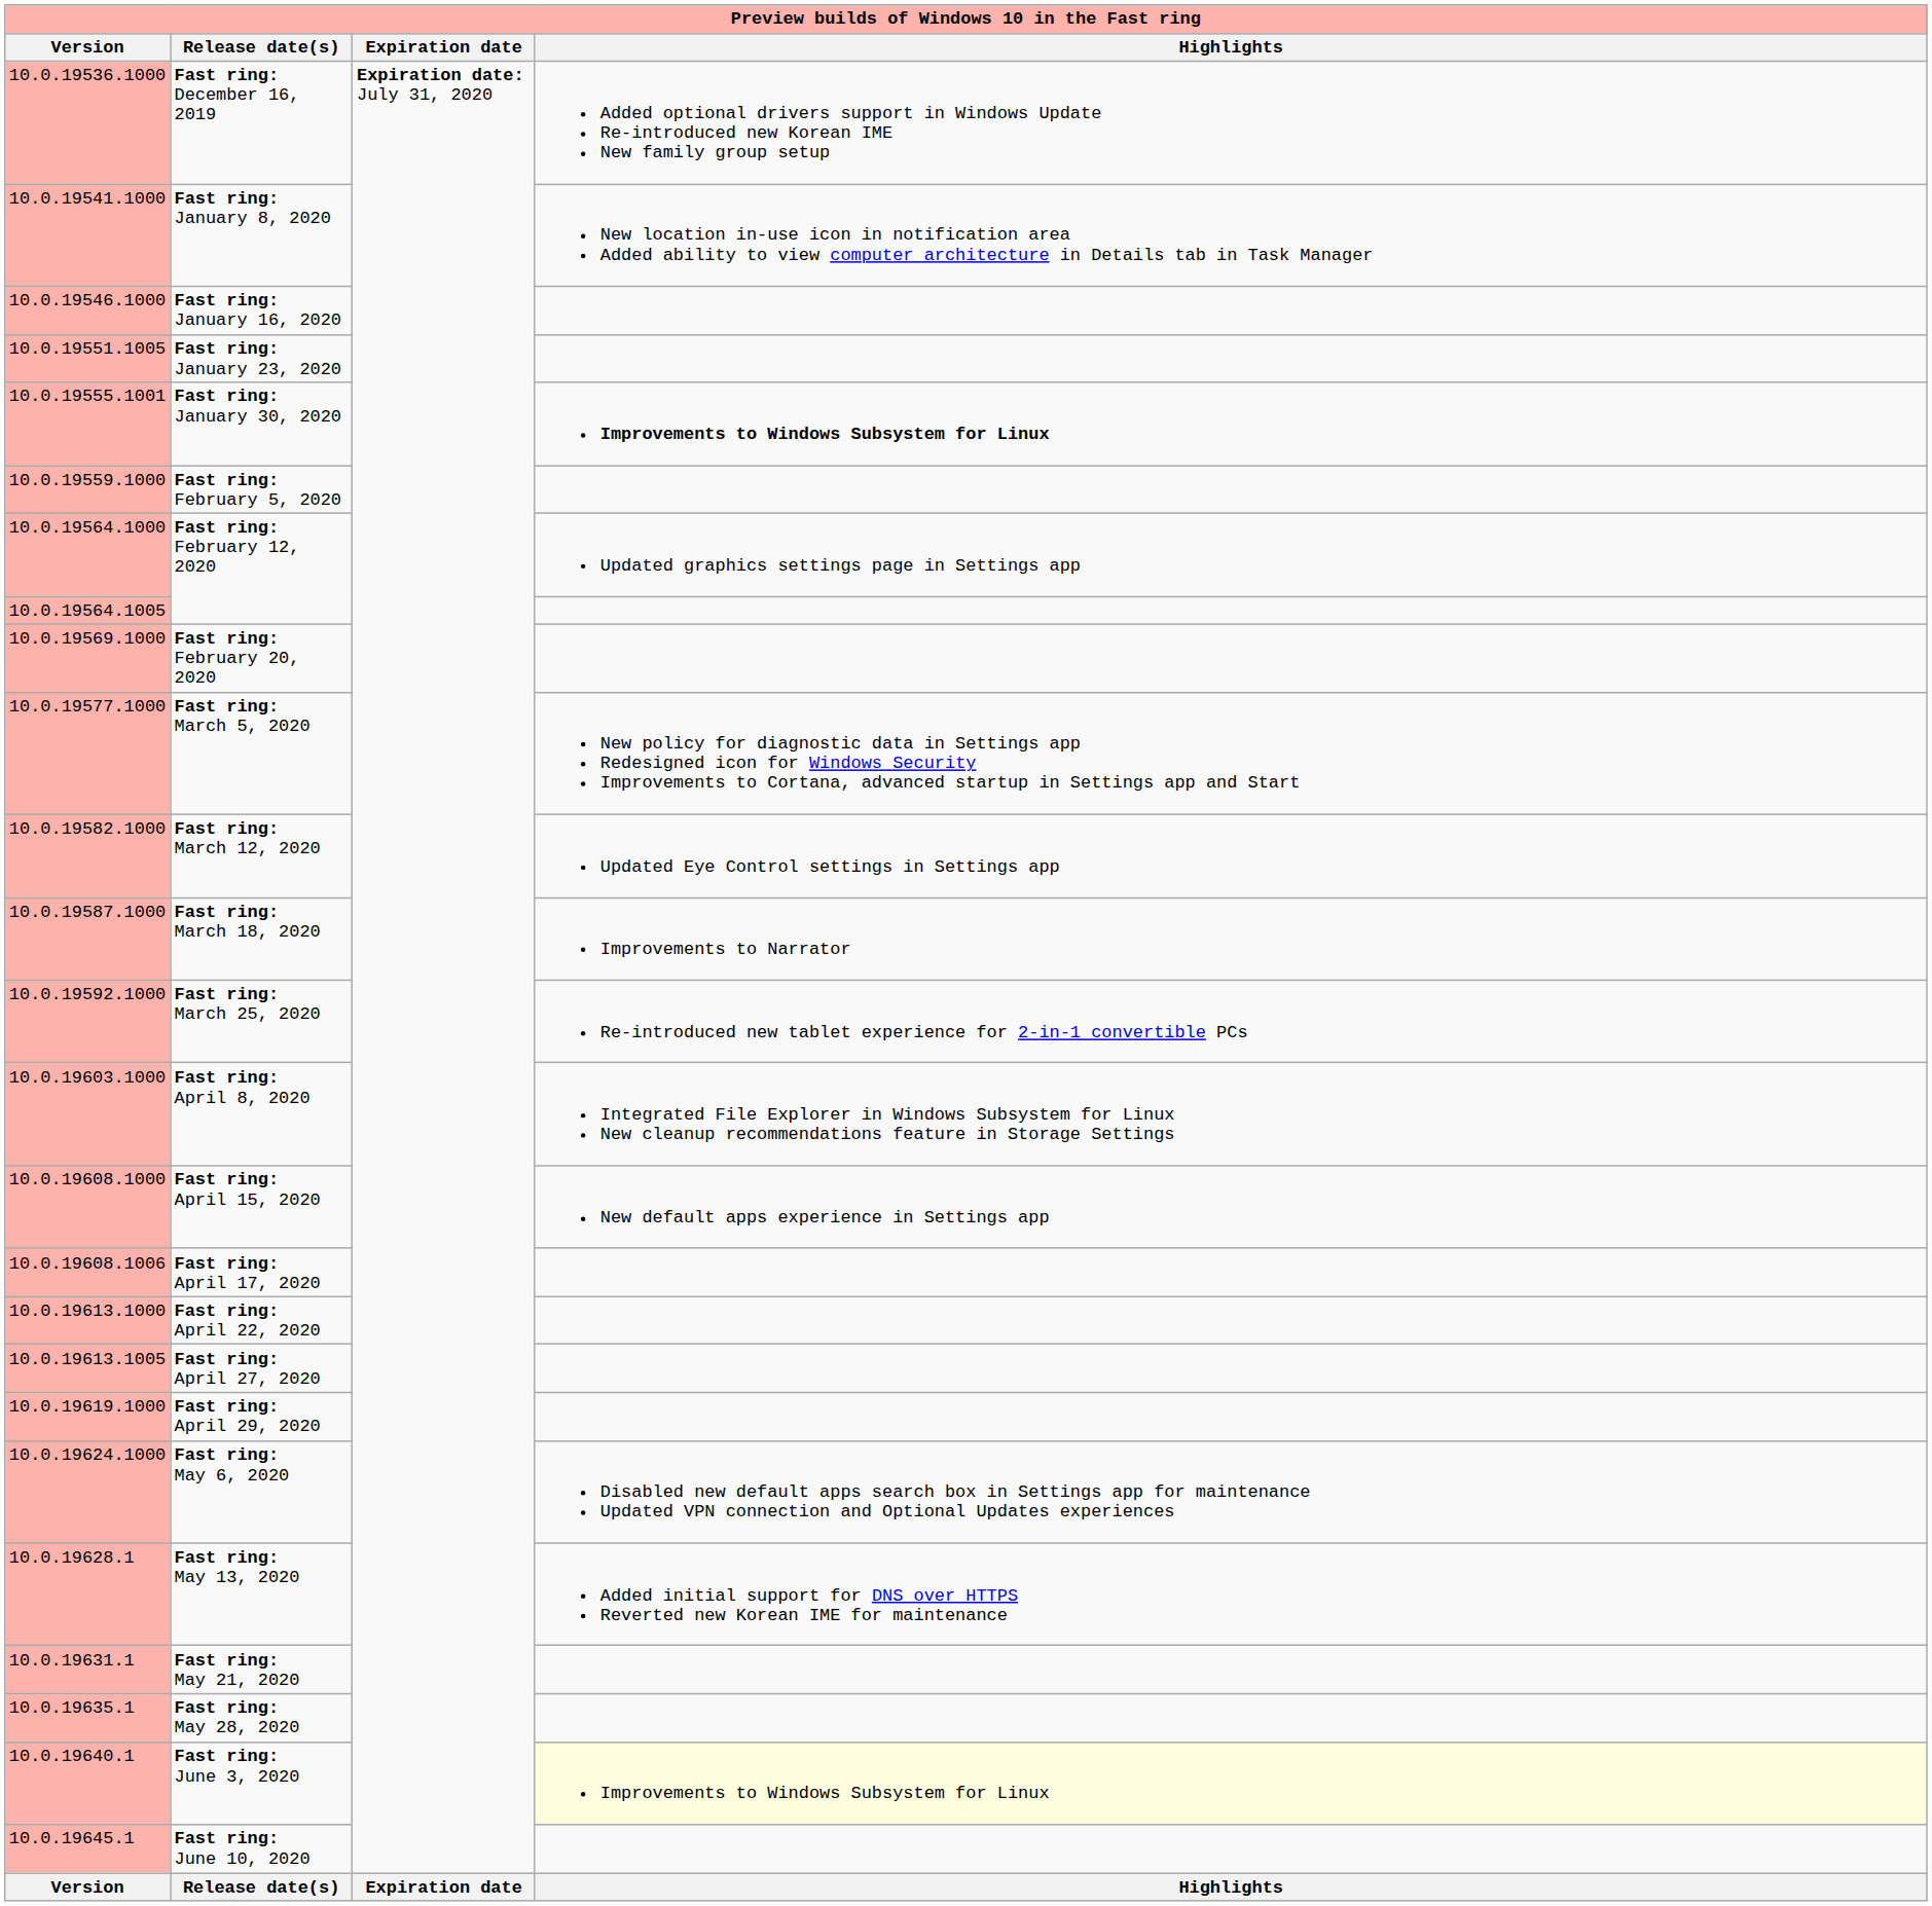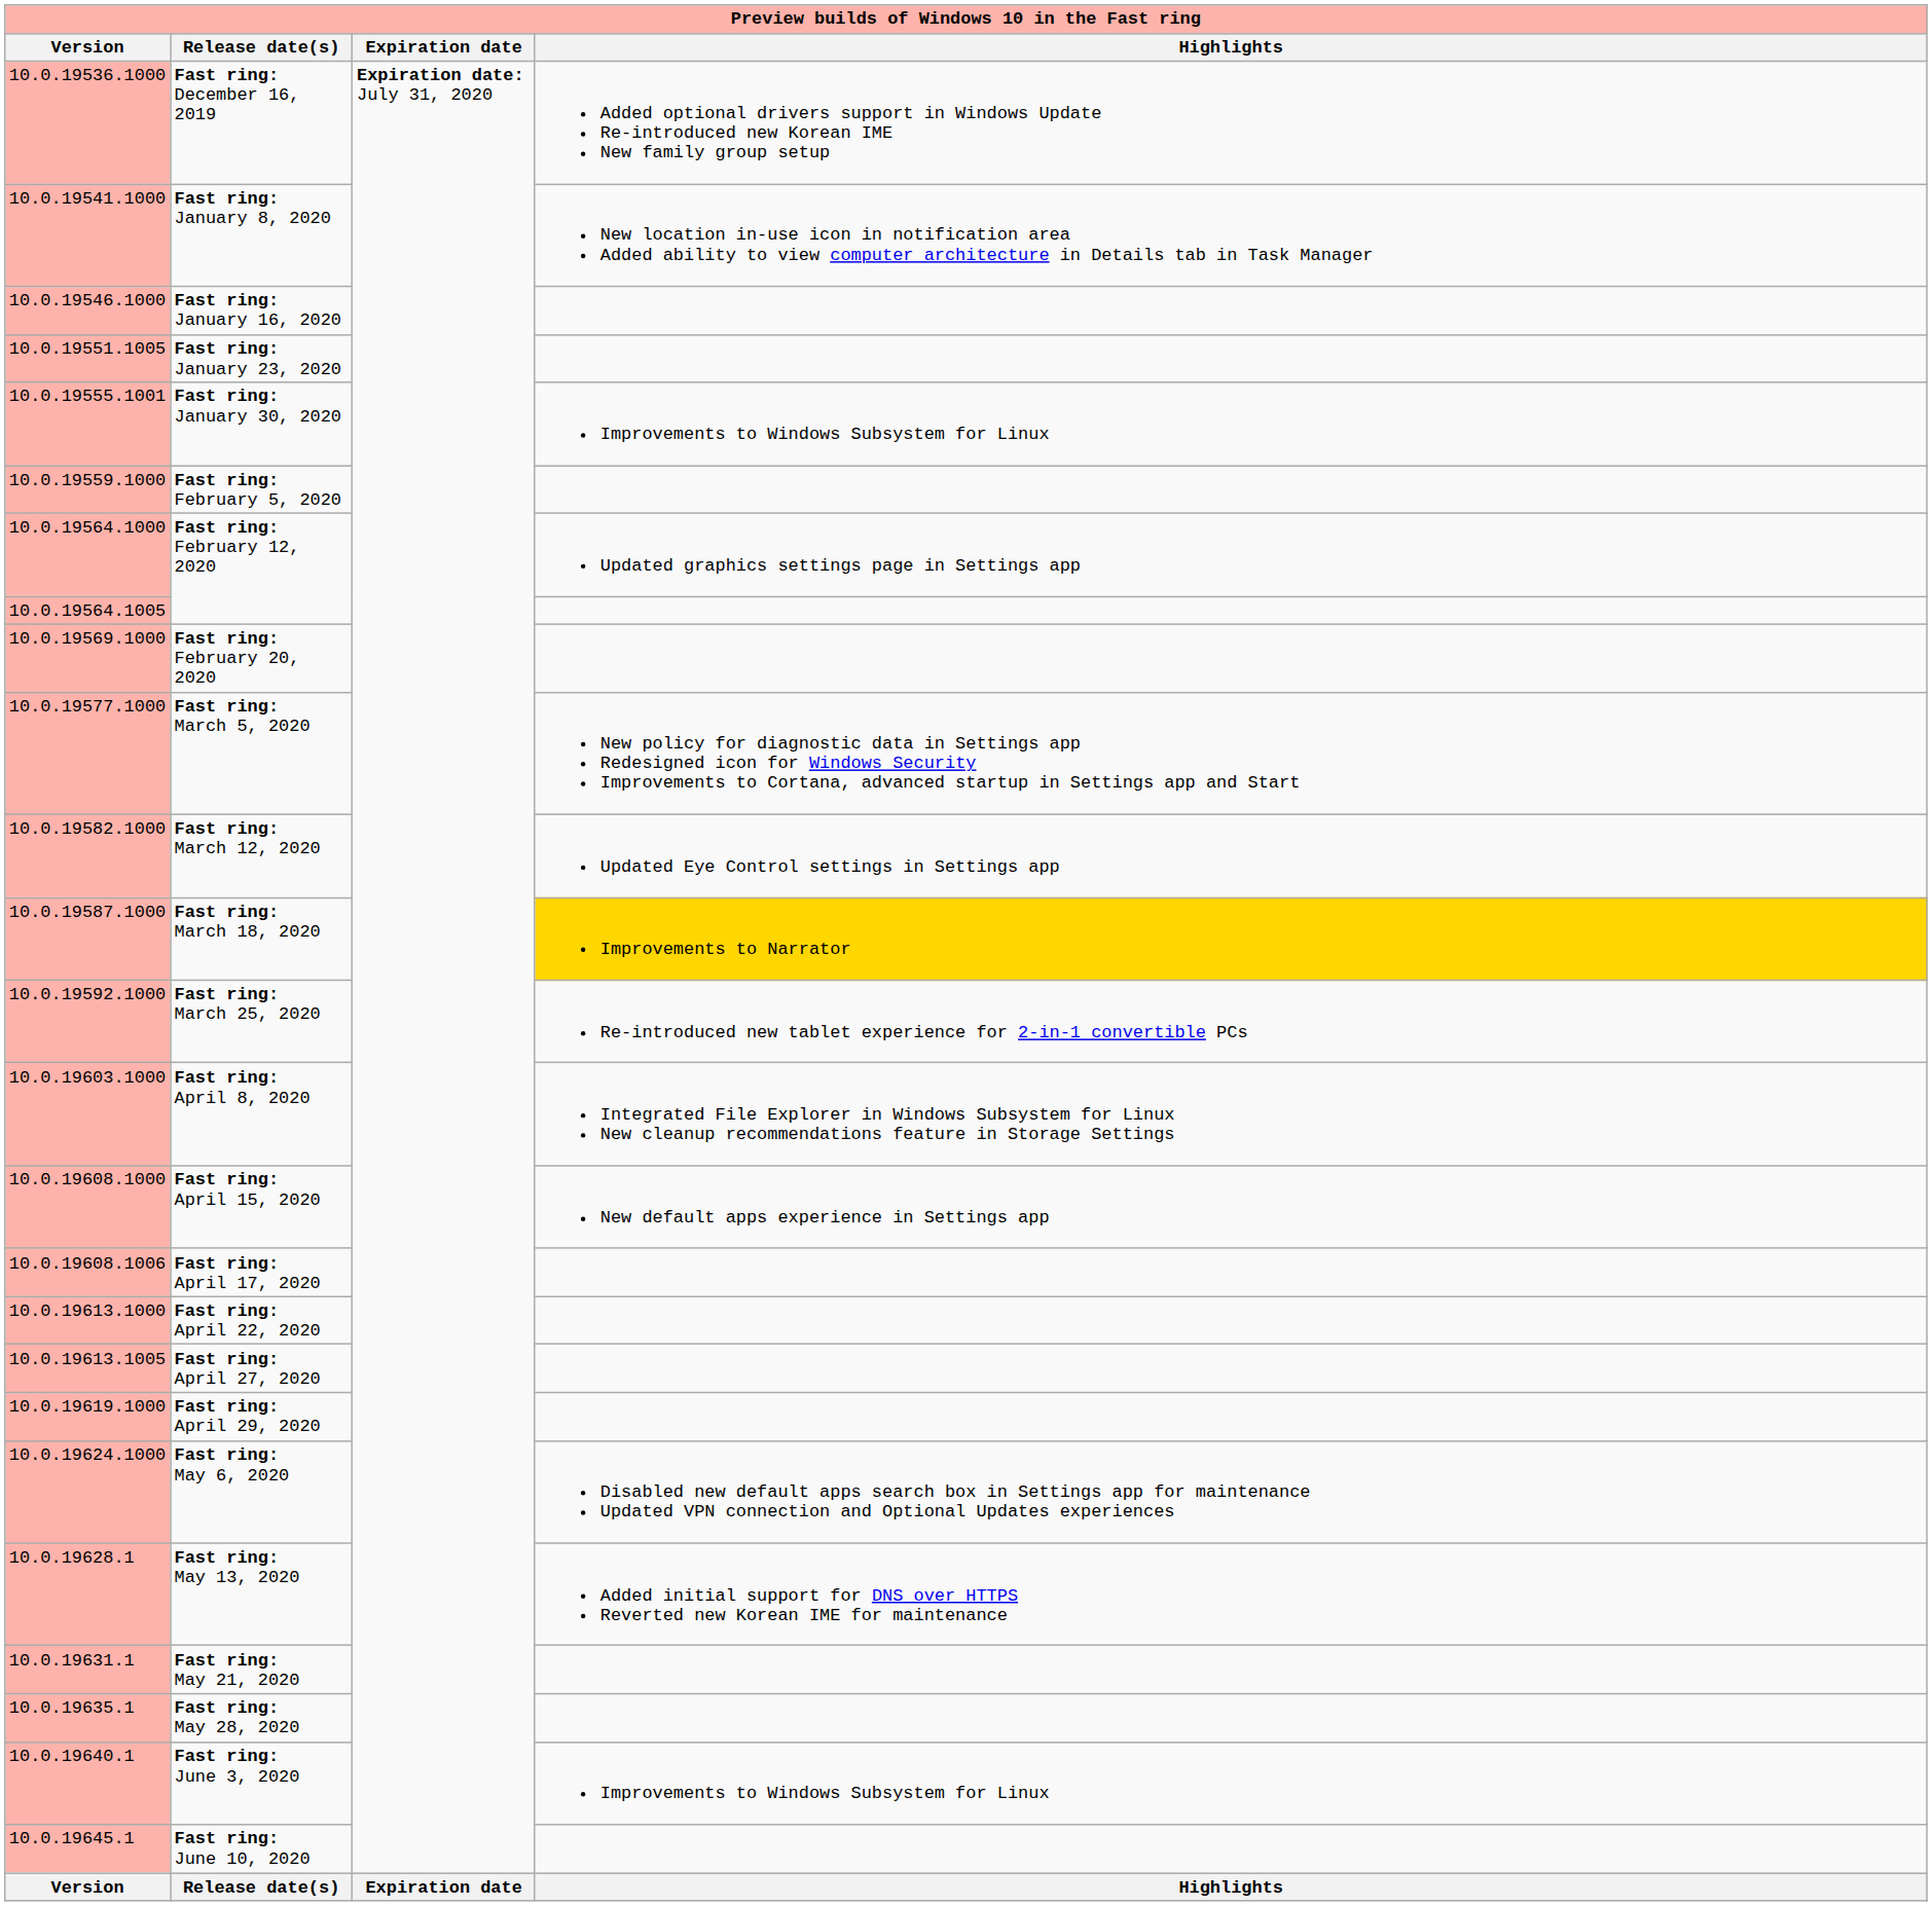 <table class="wikitable mw-collapsible mw-collapsed" style="width:100%;font-size:88%;">
 <tr>
 <th colspan="4" style="background:#fdb3ab;text-align:center;">Preview builds of Windows 10 in the Fast ring</th>
 </tr>
 <tr>
 <th scope="col" style="width:8em;text-align:center;">Version</th>
 <th scope="col" style="width:10em;text-align:center;">Release date(s)</th>
 <th scope="col" style="width:10em;text-align:center;">Expiration date</th>
 <th scope="col" style="text-align:center;">Highlights</th>
 </tr>
 <tr valign=top>
 <td style=background:#fdb3ab>10.0.19536.1000<br></td>
 <td><strong>Fast ring:</strong><br>December 16, 2019</td>
 <td rowspan="25"><strong>Expiration date:</strong><br>July 31, 2020</td>
 <td><br><ul><li>Added optional drivers support in Windows Update</li><li>Re-introduced new Korean IME</li><li>New family group setup</li></ul></td>
 </tr>
 <tr valign=top>
 <td style=background:#fdb3ab>10.0.19541.1000<br></td>
 <td><strong>Fast ring:</strong><br>January 8, 2020</td>
 <td><br><ul><li>New location in-use icon in notification area</li><li>Added ability to view <a href='#'>computer architecture</a> in Details tab in Task Manager</li></ul></td>
 </tr>
 <tr valign=top>
 <td style=background:#fdb3ab>10.0.19546.1000<br></td>
 <td><strong>Fast ring:</strong><br>January 16, 2020</td>
 <td></td>
 </tr>
 <tr valign=top>
 <td style=background:#fdb3ab>10.0.19551.1005<br></td>
 <td><strong>Fast ring:</strong><br>January 23, 2020</td>
 <td></td>
 </tr>
 <tr valign=top>
 <td style=background:#fdb3ab>10.0.19555.1001<br></td>
 <td><strong>Fast ring:</strong><br>January 30, 2020</td>
-<td><strong><br><ul><li>Improvements to Windows Subsystem for Linux</li></ul></strong></td>
+<td><br><ul><li>Improvements to Windows Subsystem for Linux</li></ul></td>
 </tr>
 <tr valign=top>
 <td style=background:#fdb3ab>10.0.19559.1000<br></td>
 <td><strong>Fast ring:</strong><br>February 5, 2020</td>
 <td></td>
 </tr>
 <tr valign=top>
 <td style=background:#fdb3ab>10.0.19564.1000<br></td>
 <td rowspan="2"><strong>Fast ring:</strong><br>February 12, 2020</td>
 <td><br><ul><li>Updated graphics settings page in Settings app</li></ul></td>
 </tr>
 <tr valign=top>
 <td style=background:#fdb3ab>10.0.19564.1005<br></td>
 <td></td>
 </tr>
 <tr valign=top>
 <td style=background:#fdb3ab>10.0.19569.1000<br></td>
 <td><strong>Fast ring:</strong><br>February 20, 2020</td>
 <td></td>
 </tr>
 <tr valign=top>
 <td style=background:#fdb3ab>10.0.19577.1000<br></td>
 <td><strong>Fast ring:</strong><br>March 5, 2020</td>
 <td><br><ul><li>New policy for diagnostic data in Settings app</li><li>Redesigned icon for <a href='#'>Windows Security</a></li><li>Improvements to Cortana, advanced startup in Settings app and Start</li></ul></td>
 </tr>
 <tr valign=top>
 <td style=background:#fdb3ab>10.0.19582.1000<br></td>
 <td><strong>Fast ring:</strong><br>March 12, 2020</td>
 <td><br><ul><li>Updated Eye Control settings in Settings app</li></ul></td>
 </tr>
 <tr valign=top>
 <td style=background:#fdb3ab>10.0.19587.1000<br></td>
 <td><strong>Fast ring:</strong><br>March 18, 2020</td>
-<td><br><ul><li>Improvements to Narrator</li></ul></td>
+<td style="background: gold;"><br><ul><li>Improvements to Narrator</li></ul></td>
 </tr>
 <tr valign=top>
 <td style=background:#fdb3ab>10.0.19592.1000<br></td>
 <td><strong>Fast ring:</strong><br>March 25, 2020</td>
 <td><br><ul><li>Re-introduced new tablet experience for <a href='#'>2-in-1 convertible</a> PCs</li></ul></td>
 </tr>
 <tr valign=top>
 <td style=background:#fdb3ab>10.0.19603.1000<br></td>
 <td><strong>Fast ring:</strong><br>April 8, 2020</td>
 <td><br><ul><li>Integrated File Explorer in Windows Subsystem for Linux</li><li>New cleanup recommendations feature in Storage Settings</li></ul></td>
 </tr>
 <tr valign=top>
 <td style=background:#fdb3ab>10.0.19608.1000<br></td>
 <td><strong>Fast ring:</strong><br>April 15, 2020</td>
 <td><br><ul><li>New default apps experience in Settings app</li></ul></td>
 </tr>
 <tr valign=top>
 <td style=background:#fdb3ab>10.0.19608.1006<br></td>
 <td><strong>Fast ring:</strong><br>April 17, 2020</td>
 <td></td>
 </tr>
 <tr valign=top>
 <td style=background:#fdb3ab>10.0.19613.1000<br></td>
 <td><strong>Fast ring:</strong><br>April 22, 2020</td>
 <td></td>
 </tr>
 <tr valign=top>
 <td style=background:#fdb3ab>10.0.19613.1005<br></td>
 <td><strong>Fast ring:</strong><br>April 27, 2020</td>
 <td></td>
 </tr>
 <tr valign=top>
 <td style=background:#fdb3ab>10.0.19619.1000<br></td>
 <td><strong>Fast ring:</strong><br>April 29, 2020</td>
 <td></td>
 </tr>
 <tr valign=top>
 <td style=background:#fdb3ab>10.0.19624.1000<br></td>
 <td><strong>Fast ring:</strong><br>May 6, 2020</td>
 <td><br><ul><li>Disabled new default apps search box in Settings app for maintenance</li><li>Updated VPN connection and Optional Updates experiences</li></ul></td>
 </tr>
 <tr valign=top>
 <td style=background:#fdb3ab>10.0.19628.1<br></td>
 <td><strong>Fast ring:</strong><br>May 13, 2020</td>
 <td><br><ul><li>Added initial support for <a href='#'>DNS over HTTPS</a></li><li>Reverted new Korean IME for maintenance</li></ul></td>
 </tr>
 <tr valign=top>
 <td style=background:#fdb3ab>10.0.19631.1<br></td>
 <td><strong>Fast ring:</strong><br>May 21, 2020</td>
 <td></td>
 </tr>
 <tr valign=top>
 <td style=background:#fdb3ab>10.0.19635.1<br></td>
 <td><strong>Fast ring:</strong><br>May 28, 2020</td>
 <td></td>
 </tr>
 <tr valign=top>
 <td style=background:#fdb3ab>10.0.19640.1<br></td>
 <td><strong>Fast ring:</strong><br>June 3, 2020</td>
-<td style="background: lightyellow;"><br><ul><li>Improvements to Windows Subsystem for Linux</li></ul></td>
+<td><br><ul><li>Improvements to Windows Subsystem for Linux</li></ul></td>
 </tr>
 <tr valign=top>
 <td style=background:#fdb3ab>10.0.19645.1<br></td>
 <td><strong>Fast ring:</strong><br>June 10, 2020</td>
 </tr>
 <tr>
 <th>Version</th>
 <th>Release date(s)</th>
 <th>Expiration date</th>
 <th>Highlights</th>
 </tr>
 </table>
